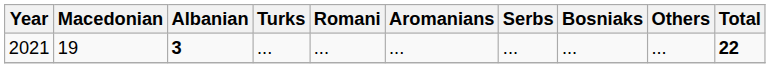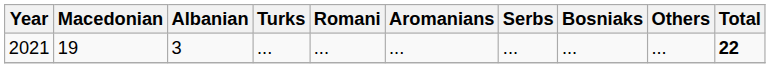 <table class="wikitable">
 <tr>
 <th>Year</th>
 <th>Macedonian</th>
 <th>Albanian</th>
 <th>Turks</th>
 <th>Romani</th>
 <th>Aromanians</th>
 <th>Serbs</th>
 <th>Bosniaks</th>
 <th><abbr>Others</abbr></th>
 <th>Total</th>
 </tr>
 <tr>
 <td>2021</td>
 <td>19</td>
-<td><strong>3</strong></td>
+<td>3</td>
 <td>...</td>
 <td>...</td>
 <td>...</td>
 <td>...</td>
 <td>...</td>
 <td>...</td>
 <td><strong>22</strong></td>
 </tr>
 <tr>
 </tr>
 </table>
